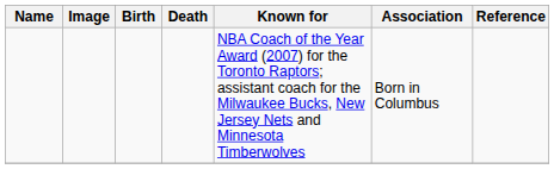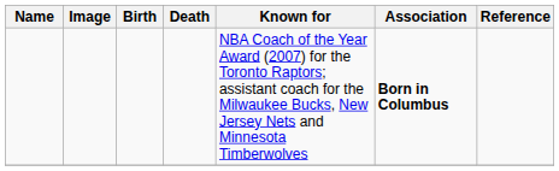 <table class="wikitable sortable">
 <tr>
 <th scope="col" width="140">Name</th>
 <th scope="col" width="80" class="unsortable">Image</th>
 <th scope="col" width="90">Birth</th>
 <th scope="col" width="90">Death</th>
 <th scope="col" width="600" class="unsortable">Known for</th>
 <th scope="col" width="200" class="unsortable">Association</th>
 <th scope="col" width="30" class="unsortable">Reference</th>
 </tr>
 <tr>
 <td></td>
 <td></td>
 <td align=right></td>
 <td align=right></td>
 <td><a href='#'>NBA Coach of the Year Award</a> (<a href='#'>2007</a>) for the <a href='#'>Toronto Raptors</a>; assistant coach for the <a href='#'>Milwaukee Bucks</a>, <a href='#'>New Jersey Nets</a> and <a href='#'>Minnesota Timberwolves</a></td>
-<td>Born in Columbus</td>
+<td><strong>Born in Columbus</strong></td>
 <td align="center"></td>
 </tr>
 <tr>
 </tr>
 </table>
